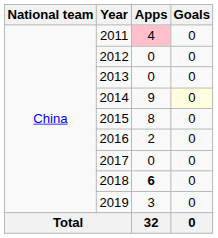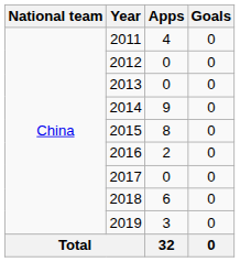 <table class="wikitable" style="text-align:center">
 <tr>
 <th>National team</th>
 <th>Year</th>
 <th>Apps</th>
 <th>Goals</th>
 </tr>
 <tr>
 <td rowspan="9"><a href='#'>China</a></td>
 <td>2011</td>
-<td style="background: pink;">4</td>
+<td>4</td>
 <td>0</td>
 </tr>
 <tr>
 <td>2012</td>
 <td>0</td>
 <td>0</td>
 </tr>
 <tr>
 <td>2013</td>
 <td>0</td>
 <td>0</td>
 </tr>
 <tr>
 <td>2014</td>
 <td>9</td>
-<td style="background: lightyellow;">0</td>
+<td>0</td>
 </tr>
 <tr>
 <td>2015</td>
 <td>8</td>
 <td>0</td>
 </tr>
 <tr>
 <td>2016</td>
 <td>2</td>
 <td>0</td>
 </tr>
 <tr>
 <td>2017</td>
 <td>0</td>
 <td>0</td>
 </tr>
 <tr>
 <td>2018</td>
-<td><strong>6</strong></td>
+<td>6</td>
 <td>0</td>
 </tr>
 <tr>
 <td>2019</td>
 <td>3</td>
 <td>0</td>
 </tr>
 <tr>
 <th colspan="2">Total</th>
 <th>32</th>
 <th>0</th>
 </tr>
 </table>
